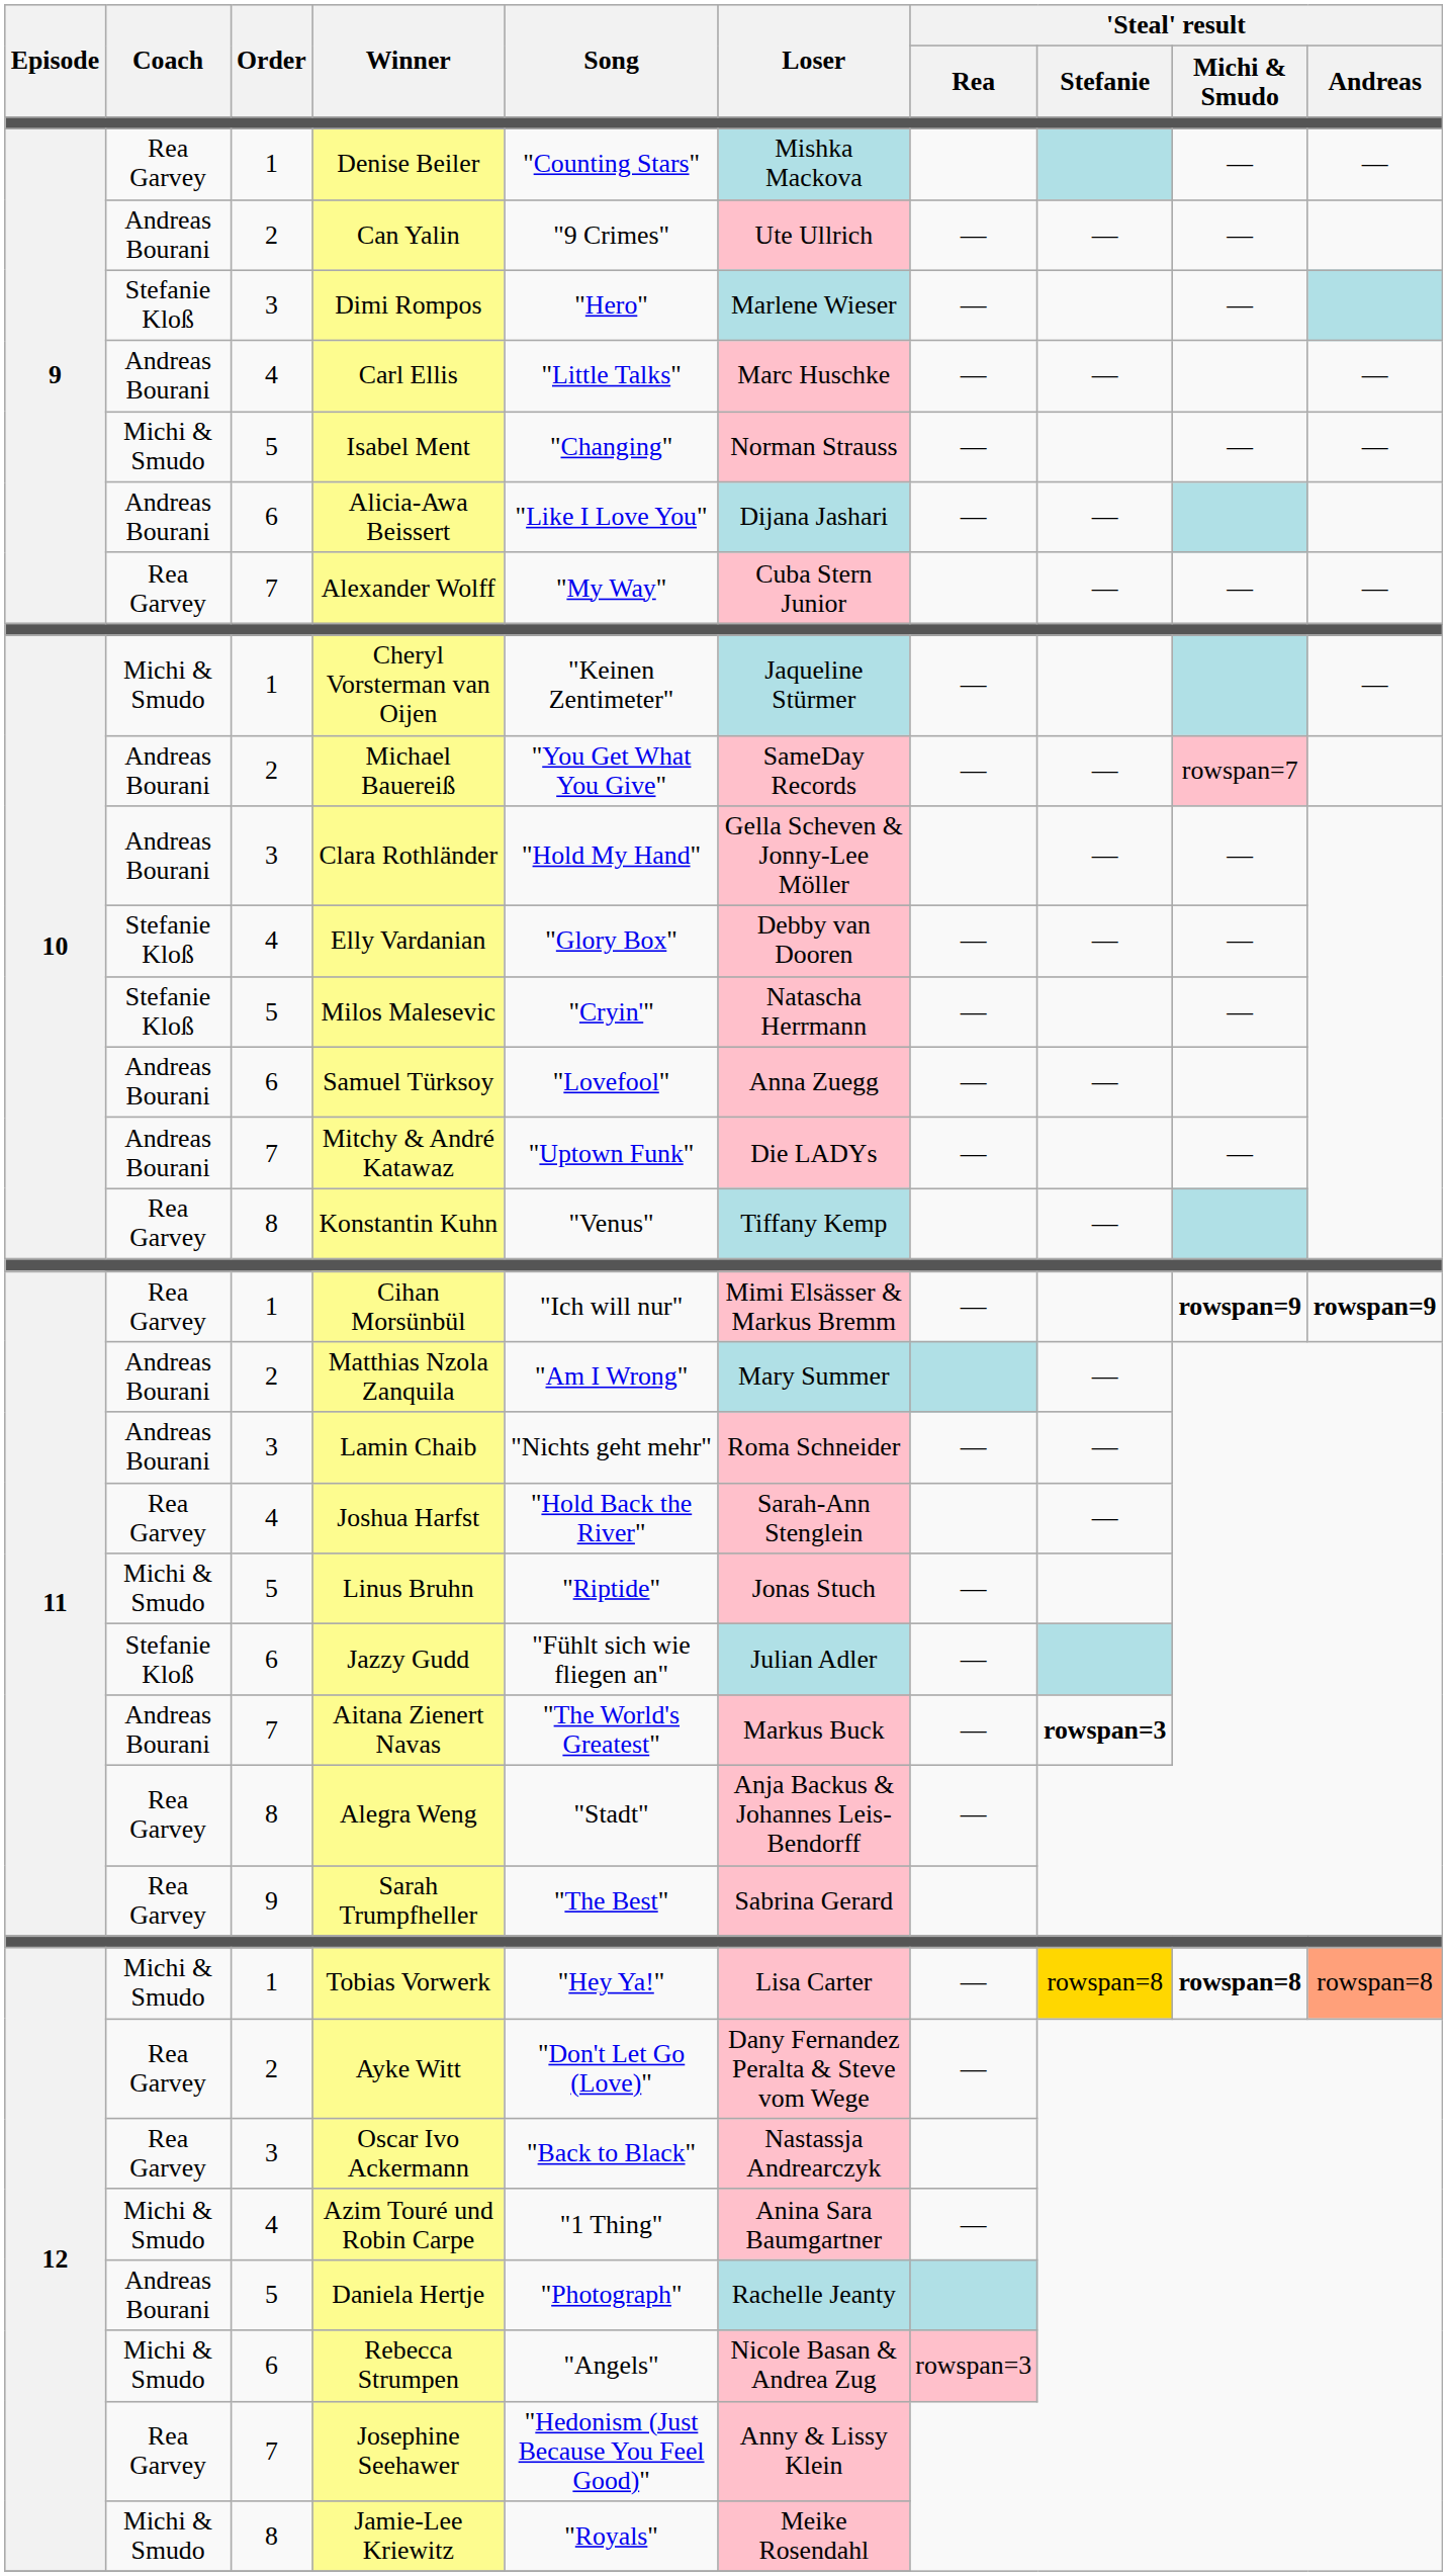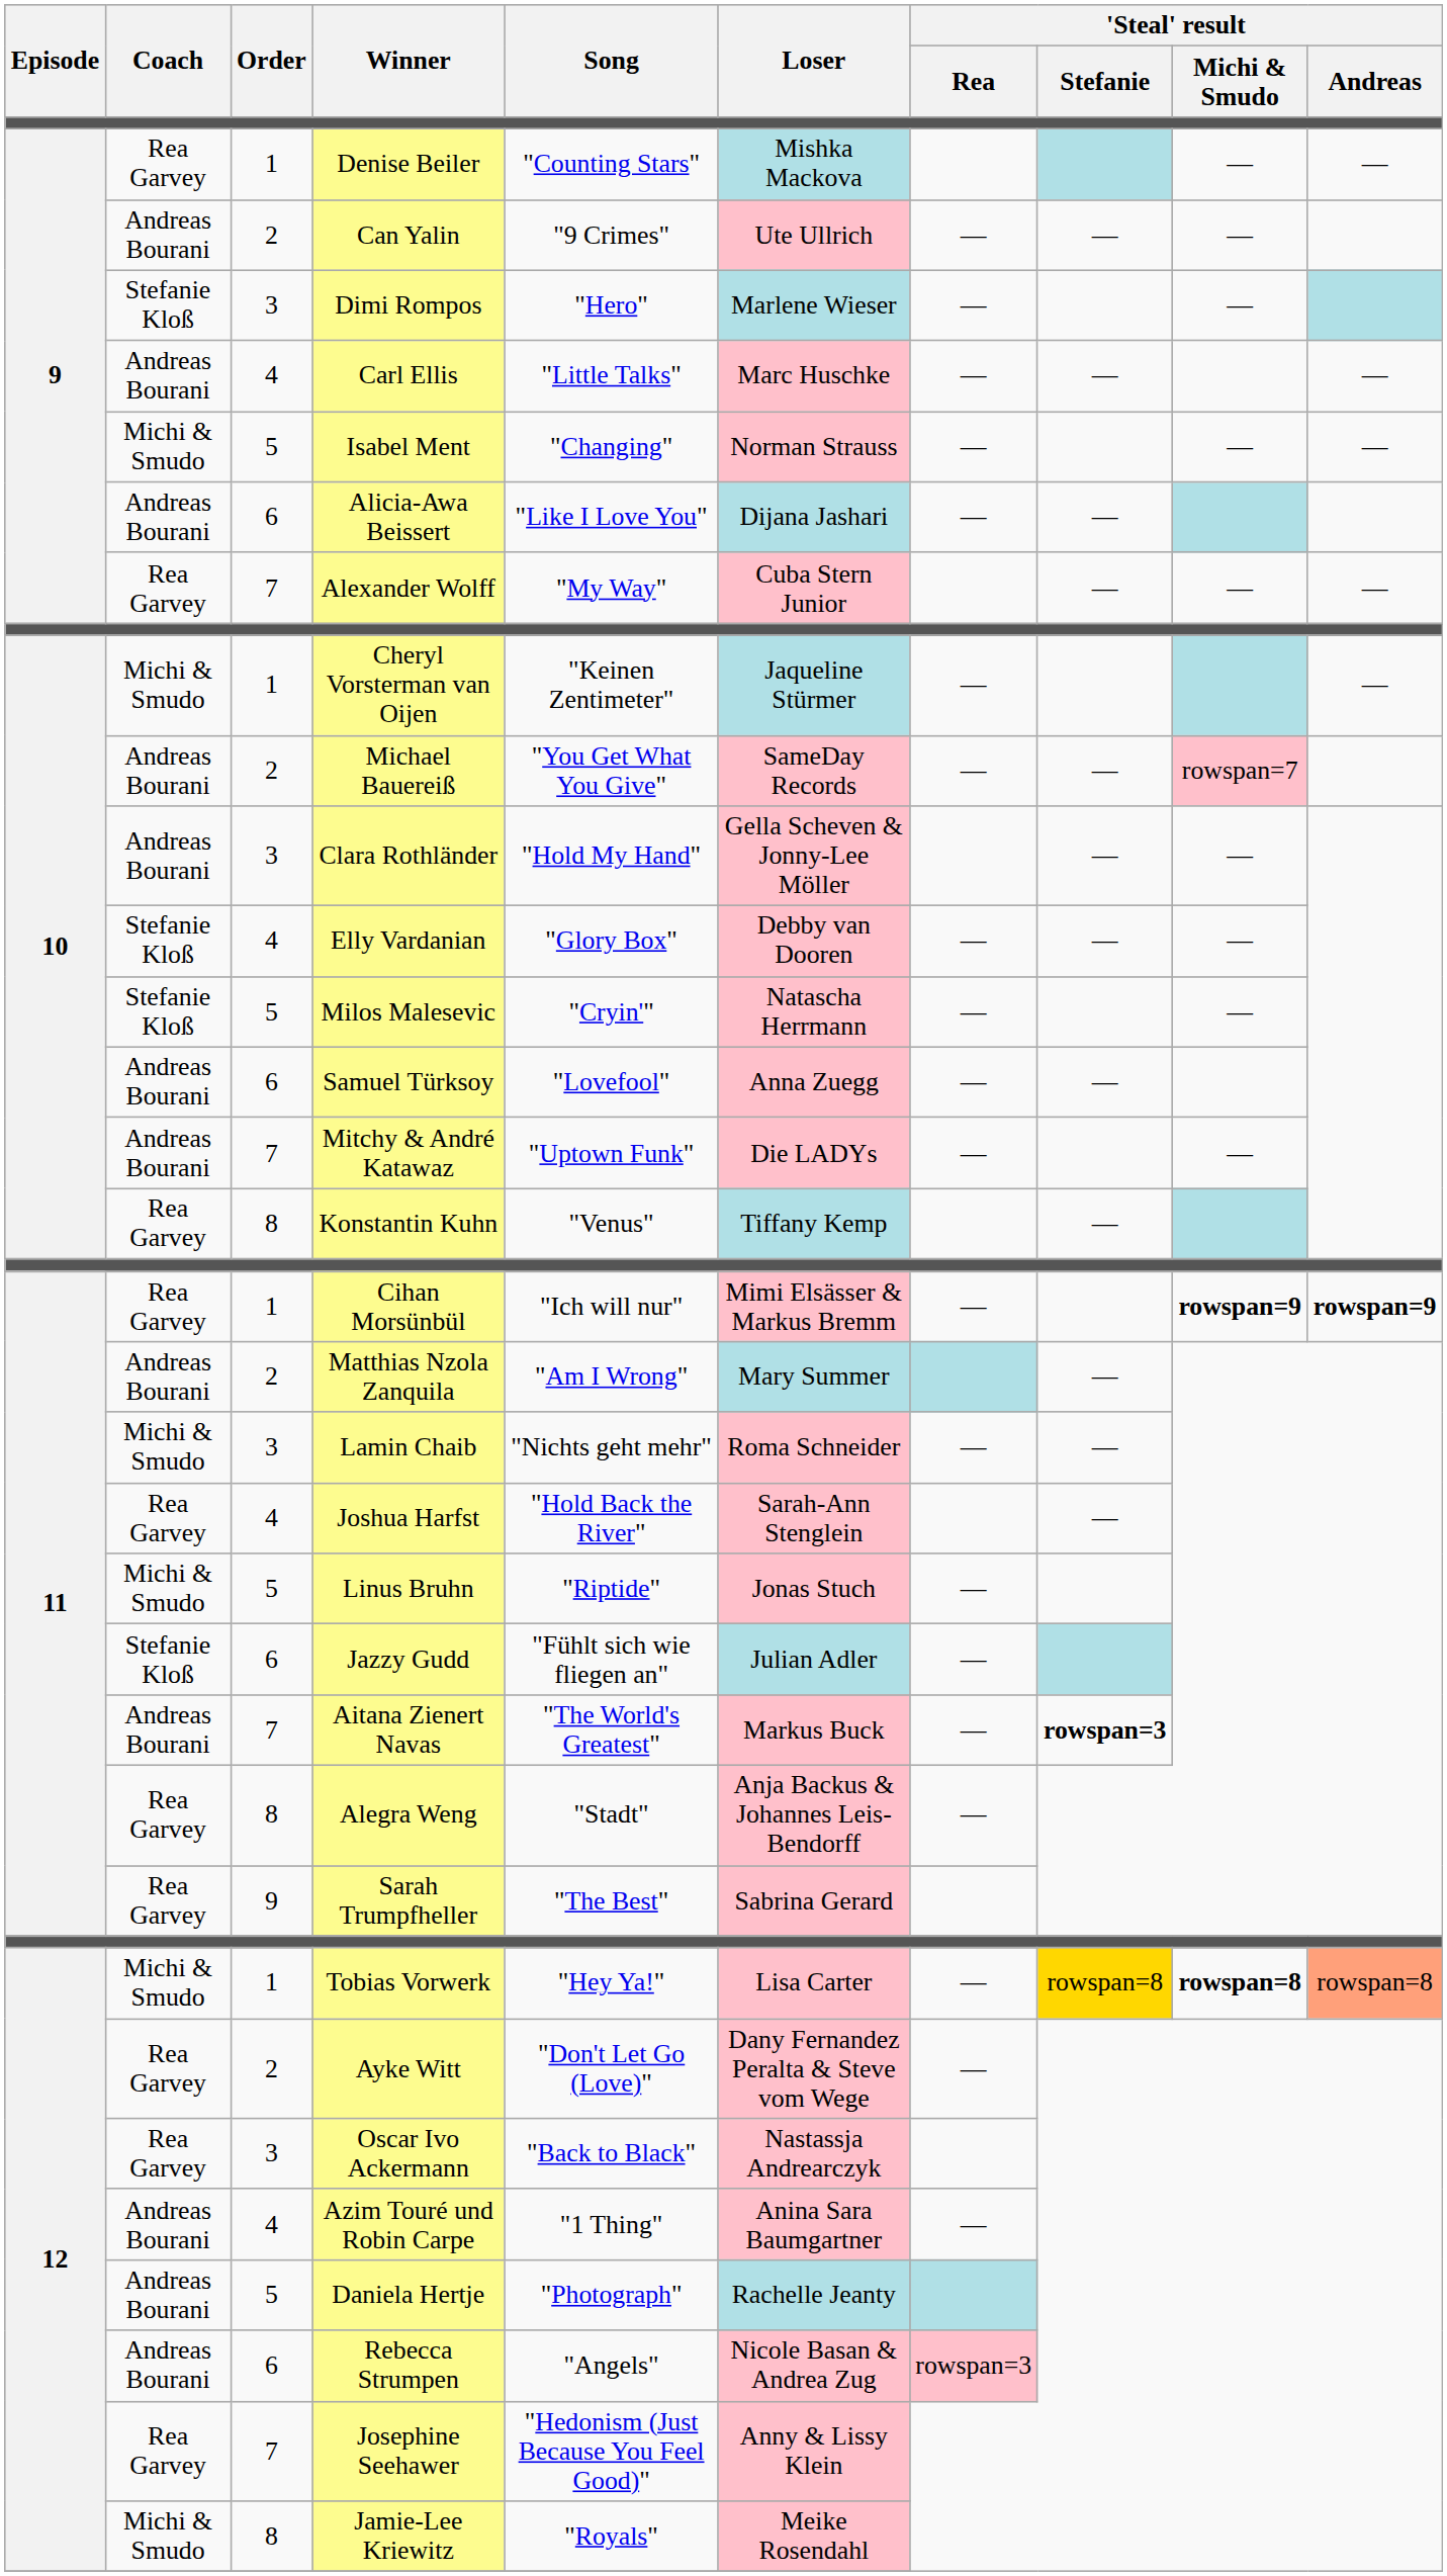 <table class="wikitable" style="text-align: center; width:100%;">
 <tr>
 <th rowspan="2" style="width:5%;">Episode</th>
 <th rowspan="2" style="width:11%;">Coach</th>
 <th rowspan="2" style="width:05%;">Order</th>
 <th rowspan="2" style="width:17%;">Winner</th>
 <th rowspan="2" style="width:20%;">Song</th>
 <th rowspan="2" style="width:17%;">Loser</th>
 <th colspan="4" style="width:20%;">'Steal' result</th>
 </tr>
 <tr>
 <th style="width:05%;">Rea</th>
 <th style="width:05%;">Stefanie</th>
 <th style="width:05%;">Michi & Smudo</th>
 <th style="width:05%;">Andreas</th>
 </tr>
 <tr>
 <td colspan="10" style="background:#555;"></td>
 </tr>
 <tr>
 <th rowspan="7">9</th>
 <td>Rea Garvey</td>
 <td>1</td>
 <td style="background:#fdfc8f;">Denise Beiler</td>
 <td>"<a href='#'>Counting Stars</a>"</td>
 <td style="background:#b0e0e6;">Mishka Mackova</td>
 <td></td>
 <td style="background:#b0e0e6;text-align:center;"></td>
 <td align="center">—</td>
 <td align="center">—</td>
 </tr>
 <tr>
 <td>Andreas Bourani</td>
 <td>2</td>
 <td style="background:#fdfc8f;">Can Yalin</td>
 <td>"9 Crimes"</td>
 <td style="background:pink;">Ute Ullrich</td>
 <td align="center">—</td>
 <td align="center">—</td>
 <td align="center">—</td>
 <td></td>
 </tr>
 <tr>
 <td>Stefanie Kloß</td>
 <td>3</td>
 <td style="background:#fdfc8f;">Dimi Rompos</td>
 <td>"<a href='#'>Hero</a>"</td>
 <td style="background:#b0e0e6;">Marlene Wieser</td>
 <td align="center">—</td>
 <td></td>
 <td align="center">—</td>
 <td style="background:#b0e0e6;text-align:center;"></td>
 </tr>
 <tr>
 <td>Andreas Bourani</td>
 <td>4</td>
 <td style="background:#fdfc8f;">Carl Ellis</td>
 <td>"<a href='#'>Little Talks</a>"</td>
 <td style="background:pink;">Marc Huschke</td>
 <td align="center">—</td>
 <td align="center">—</td>
 <td></td>
 <td align="center">—</td>
 </tr>
 <tr>
 <td>Michi & Smudo</td>
 <td>5</td>
 <td style="background:#fdfc8f;">Isabel Ment</td>
 <td>"<a href='#'>Changing</a>"</td>
 <td style="background:pink;">Norman Strauss</td>
 <td align="center">—</td>
 <td></td>
 <td align="center">—</td>
 <td align="center">—</td>
 </tr>
 <tr>
 <td>Andreas Bourani</td>
 <td>6</td>
 <td style="background:#fdfc8f;">Alicia-Awa Beissert</td>
 <td>"<a href='#'>Like I Love You</a>"</td>
 <td style="background:#b0e0e6;">Dijana Jashari</td>
 <td align="center">—</td>
 <td align="center">—</td>
 <td style="background:#b0e0e6;text-align:center;"></td>
 <td></td>
 </tr>
 <tr>
 <td>Rea Garvey</td>
 <td>7</td>
 <td style="background:#fdfc8f;">Alexander Wolff</td>
 <td>"<a href='#'>My Way</a>"</td>
 <td style="background:pink;">Cuba Stern Junior</td>
 <td></td>
 <td align="center">—</td>
 <td align="center">—</td>
 <td align="center">—</td>
 </tr>
 <tr>
 <td colspan="10" style="background:#555;"></td>
 </tr>
 <tr>
 <th rowspan="8">10</th>
 <td>Michi & Smudo</td>
 <td>1</td>
 <td style="background:#fdfc8f;">Cheryl Vorsterman van Oijen</td>
 <td>"Keinen Zentimeter"</td>
 <td style="background:#b0e0e6;">Jaqueline Stürmer</td>
 <td align="center">—</td>
 <td></td>
 <td style="background:#b0e0e6;text-align:center;"></td>
 <td align="center">—</td>
 </tr>
 <tr>
 <td>Andreas Bourani</td>
 <td>2</td>
 <td style="background:#fdfc8f;">Michael Bauereiß</td>
 <td>"<a href='#'>You Get What You Give</a>"</td>
 <td style="background:pink;">SameDay Records</td>
 <td align="center">—</td>
 <td align="center">—</td>
 <td style="background: pink;">rowspan=7 </td>
 <td></td>
 </tr>
 <tr>
 <td>Andreas Bourani</td>
 <td>3</td>
 <td style="background:#fdfc8f;">Clara Rothländer</td>
 <td>"<a href='#'>Hold My Hand</a>"</td>
 <td style="background:pink;">Gella Scheven & Jonny-Lee Möller</td>
 <td></td>
 <td align="center">—</td>
 <td align="center">—</td>
 </tr>
 <tr>
 <td>Stefanie Kloß</td>
 <td>4</td>
 <td style="background:#fdfc8f;">Elly Vardanian</td>
 <td>"<a href='#'>Glory Box</a>"</td>
 <td style="background:pink;">Debby van Dooren</td>
 <td align="center">—</td>
 <td align="center">—</td>
 <td align="center">—</td>
 </tr>
 <tr>
 <td>Stefanie Kloß</td>
 <td>5</td>
 <td style="background:#fdfc8f;">Milos Malesevic</td>
 <td>"<a href='#'>Cryin'</a>"</td>
 <td style="background:pink;">Natascha Herrmann</td>
 <td align="center">—</td>
 <td></td>
 <td align="center">—</td>
 </tr>
 <tr>
 <td>Andreas Bourani</td>
 <td>6</td>
 <td style="background:#fdfc8f;">Samuel Türksoy</td>
 <td>"<a href='#'>Lovefool</a>"</td>
 <td style="background:pink ;">Anna Zuegg</td>
 <td align="center">—</td>
 <td align="center">—</td>
 <td></td>
 </tr>
 <tr>
 <td>Andreas Bourani</td>
 <td>7</td>
 <td style="background:#fdfc8f;">Mitchy & André Katawaz</td>
 <td>"<a href='#'>Uptown Funk</a>"</td>
 <td style="background:pink;">Die LADYs</td>
 <td align="center">—</td>
 <td></td>
 <td align="center">—</td>
 </tr>
 <tr>
 <td>Rea Garvey</td>
 <td>8</td>
 <td style="background:#fdfc8f;">Konstantin Kuhn</td>
 <td>"Venus"</td>
 <td style="background:#b0e0e6;">Tiffany Kemp</td>
 <td></td>
 <td align="center">—</td>
 <td style="background:#b0e0e6;text-align:center;"></td>
 </tr>
 <tr>
 <td colspan="10" style="background:#555;"></td>
 </tr>
 <tr>
 <th rowspan="9">11</th>
 <td>Rea Garvey</td>
 <td>1</td>
 <td style="background:#fdfc8f;">Cihan Morsünbül</td>
 <td>"Ich will nur"</td>
 <td style="background:pink;">Mimi Elsässer & Markus Bremm</td>
 <td align="center">—</td>
 <td></td>
 <td><strong>rowspan=9 </strong></td>
 <td><strong>rowspan=9 </strong></td>
 </tr>
 <tr>
 <td>Andreas Bourani</td>
 <td>2</td>
 <td style="background:#fdfc8f;">Matthias Nzola Zanquila</td>
 <td>"<a href='#'>Am I Wrong</a>"</td>
 <td style="background:#b0e0e6;">Mary Summer</td>
 <td style="background:#b0e0e6;text-align:center;"></td>
 <td align="center">—</td>
 </tr>
 <tr>
-<td>Andreas Bourani</td>
+<td>Michi & Smudo</td>
 <td>3</td>
 <td style="background:#fdfc8f;">Lamin Chaib</td>
 <td>"Nichts geht mehr"</td>
 <td style="background:pink;">Roma Schneider</td>
 <td align="center">—</td>
 <td align="center">—</td>
 </tr>
 <tr>
 <td>Rea Garvey</td>
 <td>4</td>
 <td style="background:#fdfc8f;">Joshua Harfst</td>
 <td>"<a href='#'>Hold Back the River</a>"</td>
 <td style="background:pink;">Sarah-Ann Stenglein</td>
 <td></td>
 <td align="center">—</td>
 </tr>
 <tr>
 <td>Michi & Smudo</td>
 <td>5</td>
 <td style="background:#fdfc8f;">Linus Bruhn</td>
 <td>"<a href='#'>Riptide</a>"</td>
 <td style="background:pink;">Jonas Stuch</td>
 <td align="center">—</td>
 <td></td>
 </tr>
 <tr>
 <td>Stefanie Kloß</td>
 <td>6</td>
 <td style="background:#fdfc8f;">Jazzy Gudd</td>
 <td>"Fühlt sich wie fliegen an"</td>
 <td style="background:#b0e0e6;">Julian Adler</td>
 <td align="center">—</td>
 <td style="background:#b0e0e6;text-align:center;"></td>
 </tr>
 <tr>
 <td>Andreas Bourani</td>
 <td>7</td>
 <td style="background:#fdfc8f;">Aitana Zienert Navas</td>
 <td>"<a href='#'>The World's Greatest</a>"</td>
 <td style="background:pink;">Markus Buck</td>
 <td align="center">—</td>
 <td><strong>rowspan=3 </strong></td>
 </tr>
 <tr>
 <td>Rea Garvey</td>
 <td>8</td>
 <td style="background:#fdfc8f;">Alegra Weng</td>
 <td>"Stadt"</td>
 <td style="background:pink;">Anja Backus & Johannes Leis-Bendorff</td>
 <td align="center">—</td>
 </tr>
 <tr>
 <td>Rea Garvey</td>
 <td>9</td>
 <td style="background:#fdfc8f;">Sarah Trumpfheller</td>
 <td>"<a href='#'>The Best</a>"</td>
 <td style="background:pink;">Sabrina Gerard</td>
 <td></td>
 </tr>
 <tr>
 </tr>
 <tr>
 <td colspan="10" style="background:#555;"></td>
 </tr>
 <tr>
 <th rowspan="8">12</th>
 <td>Michi & Smudo</td>
 <td>1</td>
 <td style="background:#fdfc8f;">Tobias Vorwerk</td>
 <td>"<a href='#'>Hey Ya!</a>"</td>
 <td style="background:pink;">Lisa Carter</td>
 <td align="center">—</td>
 <td style="background: gold;">rowspan=8 </td>
 <td><strong>rowspan=8 </strong></td>
 <td style="background: lightsalmon;">rowspan=8 </td>
 </tr>
 <tr>
 <td>Rea Garvey</td>
 <td>2</td>
 <td style="background:#fdfc8f;">Ayke Witt</td>
 <td>"<a href='#'>Don't Let Go (Love)</a>"</td>
 <td style="background:pink;">Dany Fernandez Peralta & Steve vom Wege</td>
 <td align="center">—</td>
 </tr>
 <tr>
 <td>Rea Garvey</td>
 <td>3</td>
 <td style="background:#fdfc8f;">Oscar Ivo Ackermann</td>
 <td>"<a href='#'>Back to Black</a>"</td>
 <td style="background:pink;">Nastassja Andrearczyk</td>
 <td></td>
 </tr>
 <tr>
-<td>Michi & Smudo</td>
+<td>Andreas Bourani</td>
 <td>4</td>
 <td style="background:#fdfc8f;">Azim Touré und Robin Carpe</td>
 <td>"1 Thing"</td>
 <td style="background:pink;">Anina Sara Baumgartner</td>
 <td align="center">—</td>
 </tr>
 <tr>
 <td>Andreas Bourani</td>
 <td>5</td>
 <td style="background:#fdfc8f;">Daniela Hertje</td>
 <td>"<a href='#'>Photograph</a>"</td>
 <td style="background:#b0e0e6;">Rachelle Jeanty</td>
 <td style="background:#b0e0e6;text-align:center;"></td>
 </tr>
 <tr>
-<td>Michi & Smudo</td>
+<td>Andreas Bourani</td>
 <td>6</td>
 <td style="background:#fdfc8f;">Rebecca Strumpen</td>
 <td>"Angels"</td>
 <td style="background:pink ;">Nicole Basan & Andrea Zug</td>
 <td style="background: pink;">rowspan=3 </td>
 </tr>
 <tr>
 <td>Rea Garvey</td>
 <td>7</td>
 <td style="background:#fdfc8f;">Josephine Seehawer</td>
 <td>"<a href='#'>Hedonism (Just Because You Feel Good)</a>"</td>
 <td style="background:pink;">Anny & Lissy Klein</td>
 </tr>
 <tr>
 <td>Michi & Smudo</td>
 <td>8</td>
 <td style="background:#fdfc8f;">Jamie-Lee Kriewitz</td>
 <td>"<a href='#'>Royals</a>"</td>
 <td style="background:pink;">Meike Rosendahl</td>
 </tr>
 <tr>
 </tr>
 </table>
